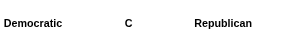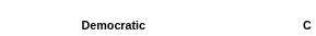 <table style="width:60%; text-align:center">
 <tr style="color:white">
 <td style="background:"><strong>269</strong></td>
 <td style="background:"><strong>1</strong></td>
-<td style="background:"><strong>165</strong></td>
 </tr>
 <tr>
 <td><span><strong>Democratic</strong></span></td>
 <td><span><strong>C</strong></span></td>
-<td><span><strong>Republican</strong></span></td>
 </tr>
 </table>
